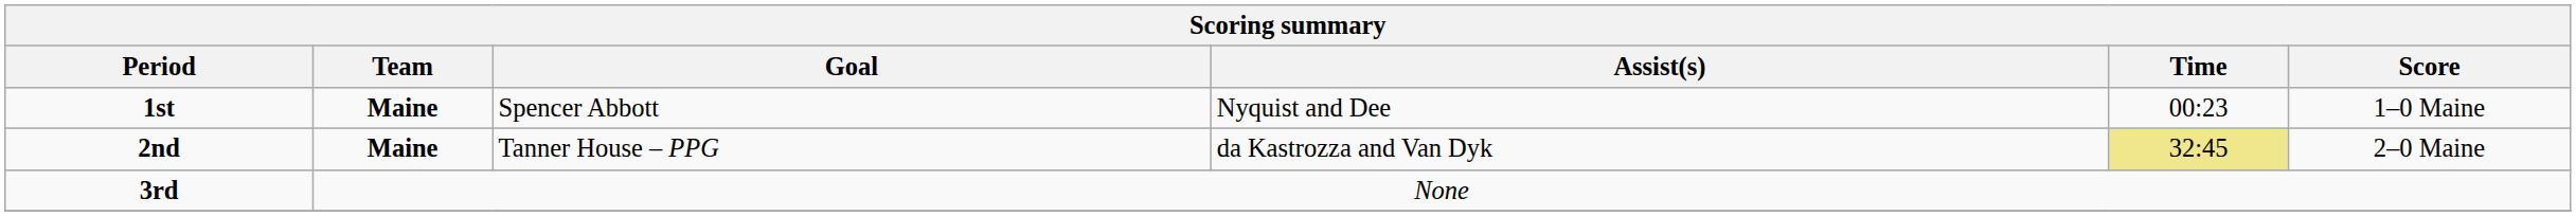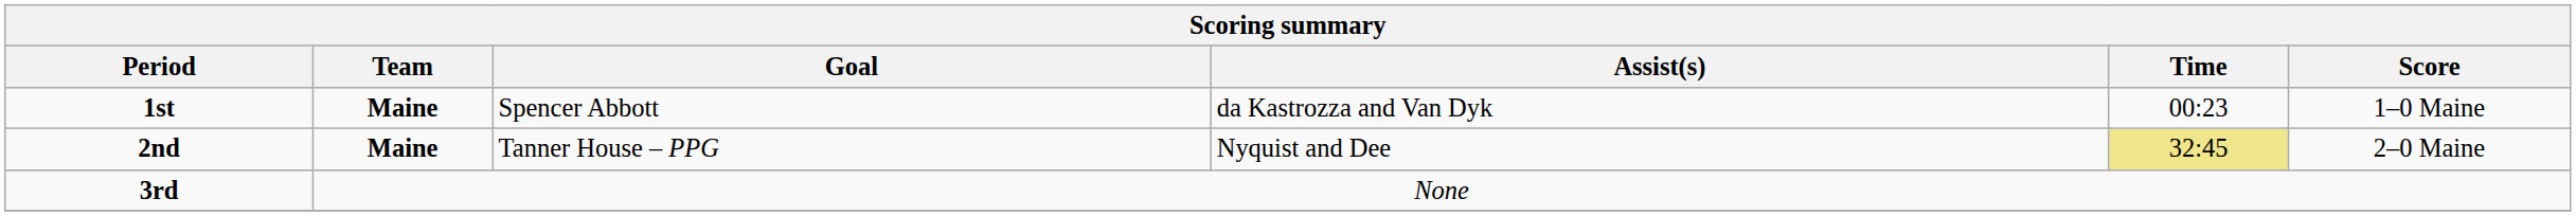 <table style="width:100%;" class="wikitable">
 <tr>
 <th colspan=6>Scoring summary</th>
 </tr>
 <tr>
 <th style="width:12%;">Period</th>
 <th style="width:7%;">Team</th>
 <th style="width:28%;">Goal</th>
 <th style="width:35%;">Assist(s)</th>
 <th style="width:7%;">Time</th>
 <th style="width:11%;">Score</th>
 </tr>
 <tr>
 <td style="text-align:center;" rowspan="1"><strong>1st</strong></td>
 <td align=center><strong>Maine</strong></td>
 <td>Spencer Abbott</td>
-<td>Nyquist and Dee</td>
+<td>da Kastrozza and Van Dyk</td>
 <td align=center>00:23</td>
 <td align=center>1–0 Maine</td>
 </tr>
 <tr>
 <td style="text-align:center;" rowspan="1"><strong>2nd</strong></td>
 <td align=center><strong>Maine</strong></td>
 <td>Tanner House – <em>PPG</em></td>
-<td>da Kastrozza and Van Dyk</td>
+<td>Nyquist and Dee</td>
 <td align=center style="background: khaki;">32:45</td>
 <td align=center>2–0 Maine</td>
 </tr>
 <tr>
 <td style="text-align:center;" rowspan="1"><strong>3rd</strong></td>
 <td style="text-align:center;" colspan="5"><em>None</em></td>
 </tr>
 <tr>
 </tr>
 </table>
